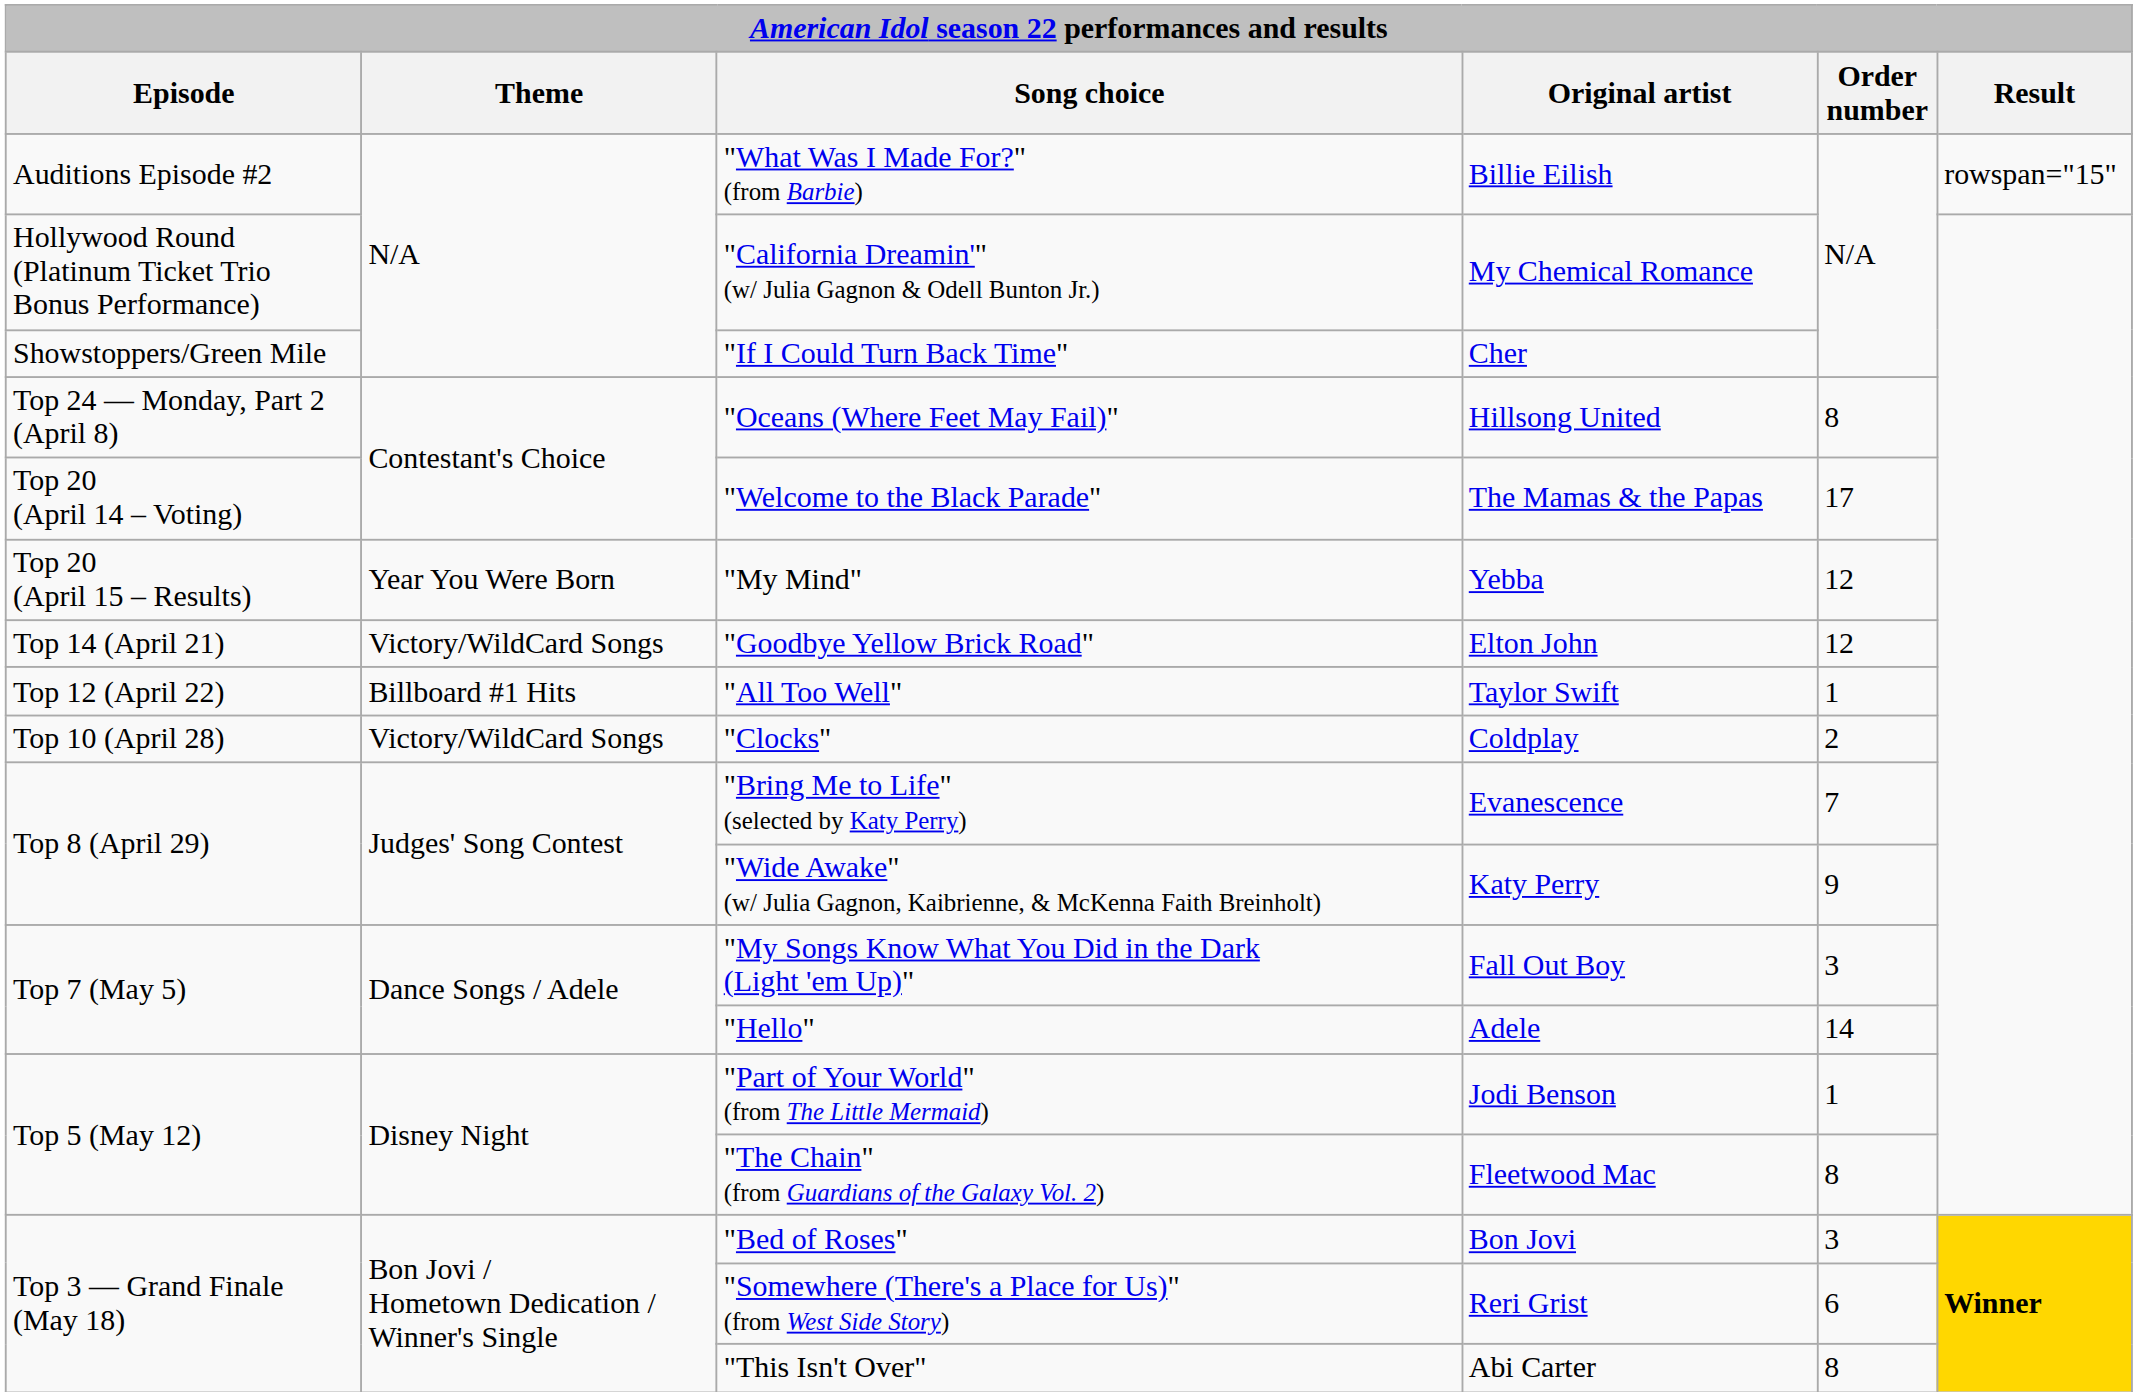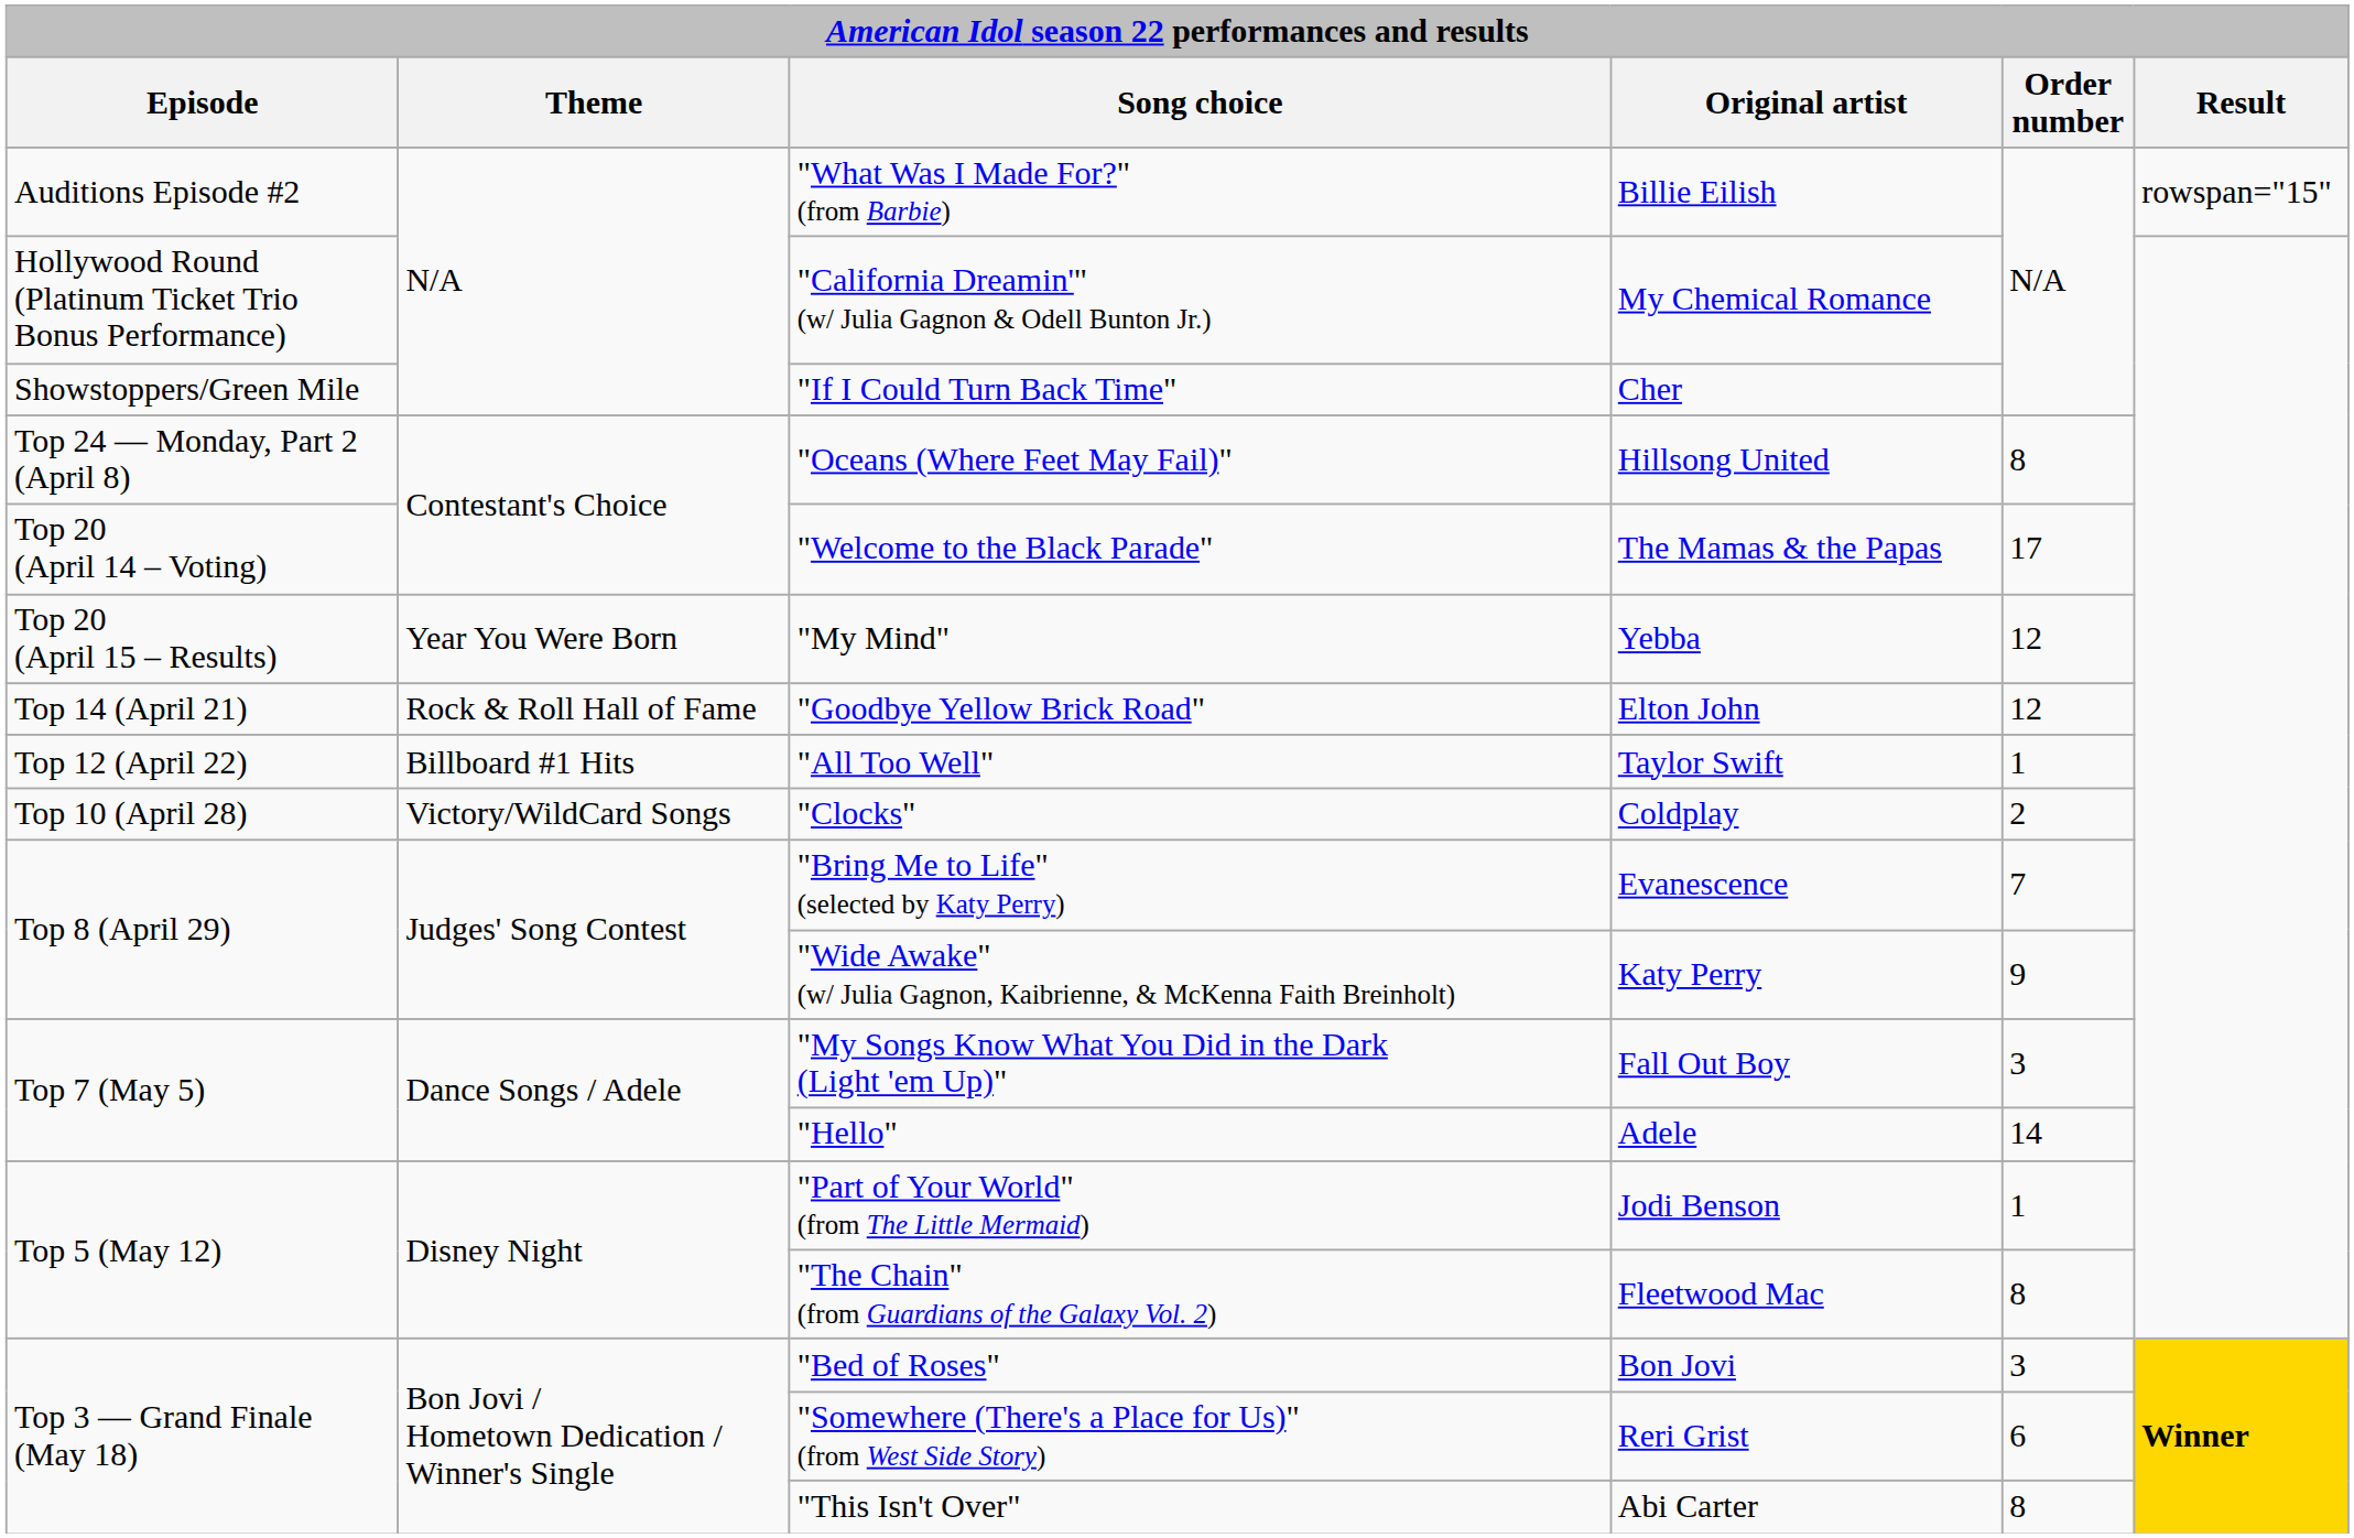 <table class="wikitable collapsible autocollapse" style="width:90%; center; margin:1em auto 1em auto;">
 <tr>
 <th colspan="6" style="background:#BFBFBF;"><a href='#'><em>American Idol</em> season 22</a> performances and results</th>
 </tr>
 <tr>
 <th style="width:175px;">Episode</th>
 <th style="width:175px;">Theme</th>
 <th style="width:375px;">Song choice</th>
 <th style="width:175px;">Original artist</th>
 <th style="width:040px;">Order number</th>
 <th style="width:060px;">Result</th>
 </tr>
 <tr>
 <td>Auditions Episode #2</td>
 <td rowspan="3">N/A</td>
 <td>"<a href='#'>What Was I Made For?</a>"<br><small>(from <em><a href='#'>Barbie</a></em>)</small></td>
 <td><a href='#'>Billie Eilish</a></td>
 <td rowspan="3">N/A</td>
 <td>rowspan="15" </td>
 </tr>
 <tr>
 <td>Hollywood Round<br>(Platinum Ticket Trio Bonus Performance)</td>
 <td>"<a href='#'>California Dreamin'</a>"<br><small>(w/ Julia Gagnon & Odell Bunton Jr.)</small></td>
 <td><a href='#'>My Chemical Romance</a></td>
 </tr>
 <tr>
 <td>Showstoppers/Green Mile</td>
 <td>"<a href='#'>If I Could Turn Back Time</a>"</td>
 <td><a href='#'>Cher</a></td>
 </tr>
 <tr>
 <td>Top 24 — Monday, Part 2<br>(April 8)</td>
 <td rowspan="2">Contestant's Choice</td>
 <td>"<a href='#'>Oceans (Where Feet May Fail)</a>"</td>
 <td><a href='#'>Hillsong United</a></td>
 <td>8</td>
 </tr>
 <tr>
 <td>Top 20<br>(April 14 – Voting)</td>
 <td>"<a href='#'>Welcome to the Black Parade</a>"</td>
 <td><a href='#'>The Mamas & the Papas</a></td>
 <td>17</td>
 </tr>
 <tr>
 <td>Top 20<br>(April 15 – Results)</td>
 <td>Year You Were Born</td>
 <td>"My Mind"</td>
 <td><a href='#'>Yebba</a></td>
 <td>12</td>
 </tr>
 <tr>
 <td>Top 14 (April 21)</td>
-<td>Victory/WildCard Songs</td>
+<td>Rock & Roll Hall of Fame</td>
 <td>"<a href='#'>Goodbye Yellow Brick Road</a>"</td>
 <td><a href='#'>Elton John</a></td>
 <td>12</td>
 </tr>
 <tr>
 <td>Top 12 (April 22)</td>
 <td>Billboard #1 Hits</td>
 <td>"<a href='#'>All Too Well</a>"</td>
 <td><a href='#'>Taylor Swift</a></td>
 <td>1</td>
 </tr>
 <tr>
 <td>Top 10 (April 28)</td>
 <td>Victory/WildCard Songs</td>
 <td>"<a href='#'>Clocks</a>"</td>
 <td><a href='#'>Coldplay</a></td>
 <td>2</td>
 </tr>
 <tr>
 <td rowspan="2">Top 8 (April 29)</td>
 <td rowspan="2">Judges' Song Contest</td>
 <td>"<a href='#'>Bring Me to Life</a>"<br><small>(selected by <a href='#'>Katy Perry</a>)</small></td>
 <td><a href='#'>Evanescence</a></td>
 <td>7</td>
 </tr>
 <tr>
 <td>"<a href='#'>Wide Awake</a>"<br><small>(w/ Julia Gagnon, Kaibrienne, & McKenna Faith Breinholt)</small></td>
 <td><a href='#'>Katy Perry</a></td>
 <td>9</td>
 </tr>
 <tr>
 <td rowspan="2">Top 7 (May 5)</td>
 <td rowspan="2">Dance Songs / Adele</td>
 <td>"<a href='#'>My Songs Know What You Did in the Dark<br>(Light 'em Up)</a>"</td>
 <td><a href='#'>Fall Out Boy</a></td>
 <td>3</td>
 </tr>
 <tr>
 <td>"<a href='#'>Hello</a>"</td>
 <td><a href='#'>Adele</a></td>
 <td>14</td>
 </tr>
 <tr>
 <td rowspan="2">Top 5 (May 12)</td>
 <td rowspan="2">Disney Night</td>
 <td>"<a href='#'>Part of Your World</a>"<br><small>(from <em><a href='#'>The Little Mermaid</a></em>)</small></td>
 <td><a href='#'>Jodi Benson</a></td>
 <td>1</td>
 </tr>
 <tr>
 <td>"<a href='#'>The Chain</a>"<br><small>(from <em><a href='#'>Guardians of the Galaxy Vol. 2</a></em>)</small></td>
 <td><a href='#'>Fleetwood Mac</a></td>
 <td>8</td>
 </tr>
 <tr>
 <td rowspan="3">Top 3 — Grand Finale<br>(May 18)</td>
 <td rowspan="3">Bon Jovi /<br>Hometown Dedication /<br>Winner's Single</td>
 <td>"<a href='#'>Bed of Roses</a>"</td>
 <td><a href='#'>Bon Jovi</a></td>
 <td>3</td>
 <td rowspan="3" bgcolor="gold"><strong>Winner</strong></td>
 </tr>
 <tr>
 <td>"<a href='#'>Somewhere (There's a Place for Us)</a>"<br><small>(from <em><a href='#'>West Side Story</a></em>)</small></td>
 <td><a href='#'>Reri Grist</a></td>
 <td>6</td>
 </tr>
 <tr>
 <td>"This Isn't Over"</td>
 <td>Abi Carter</td>
 <td>8</td>
 </tr>
 </table>
